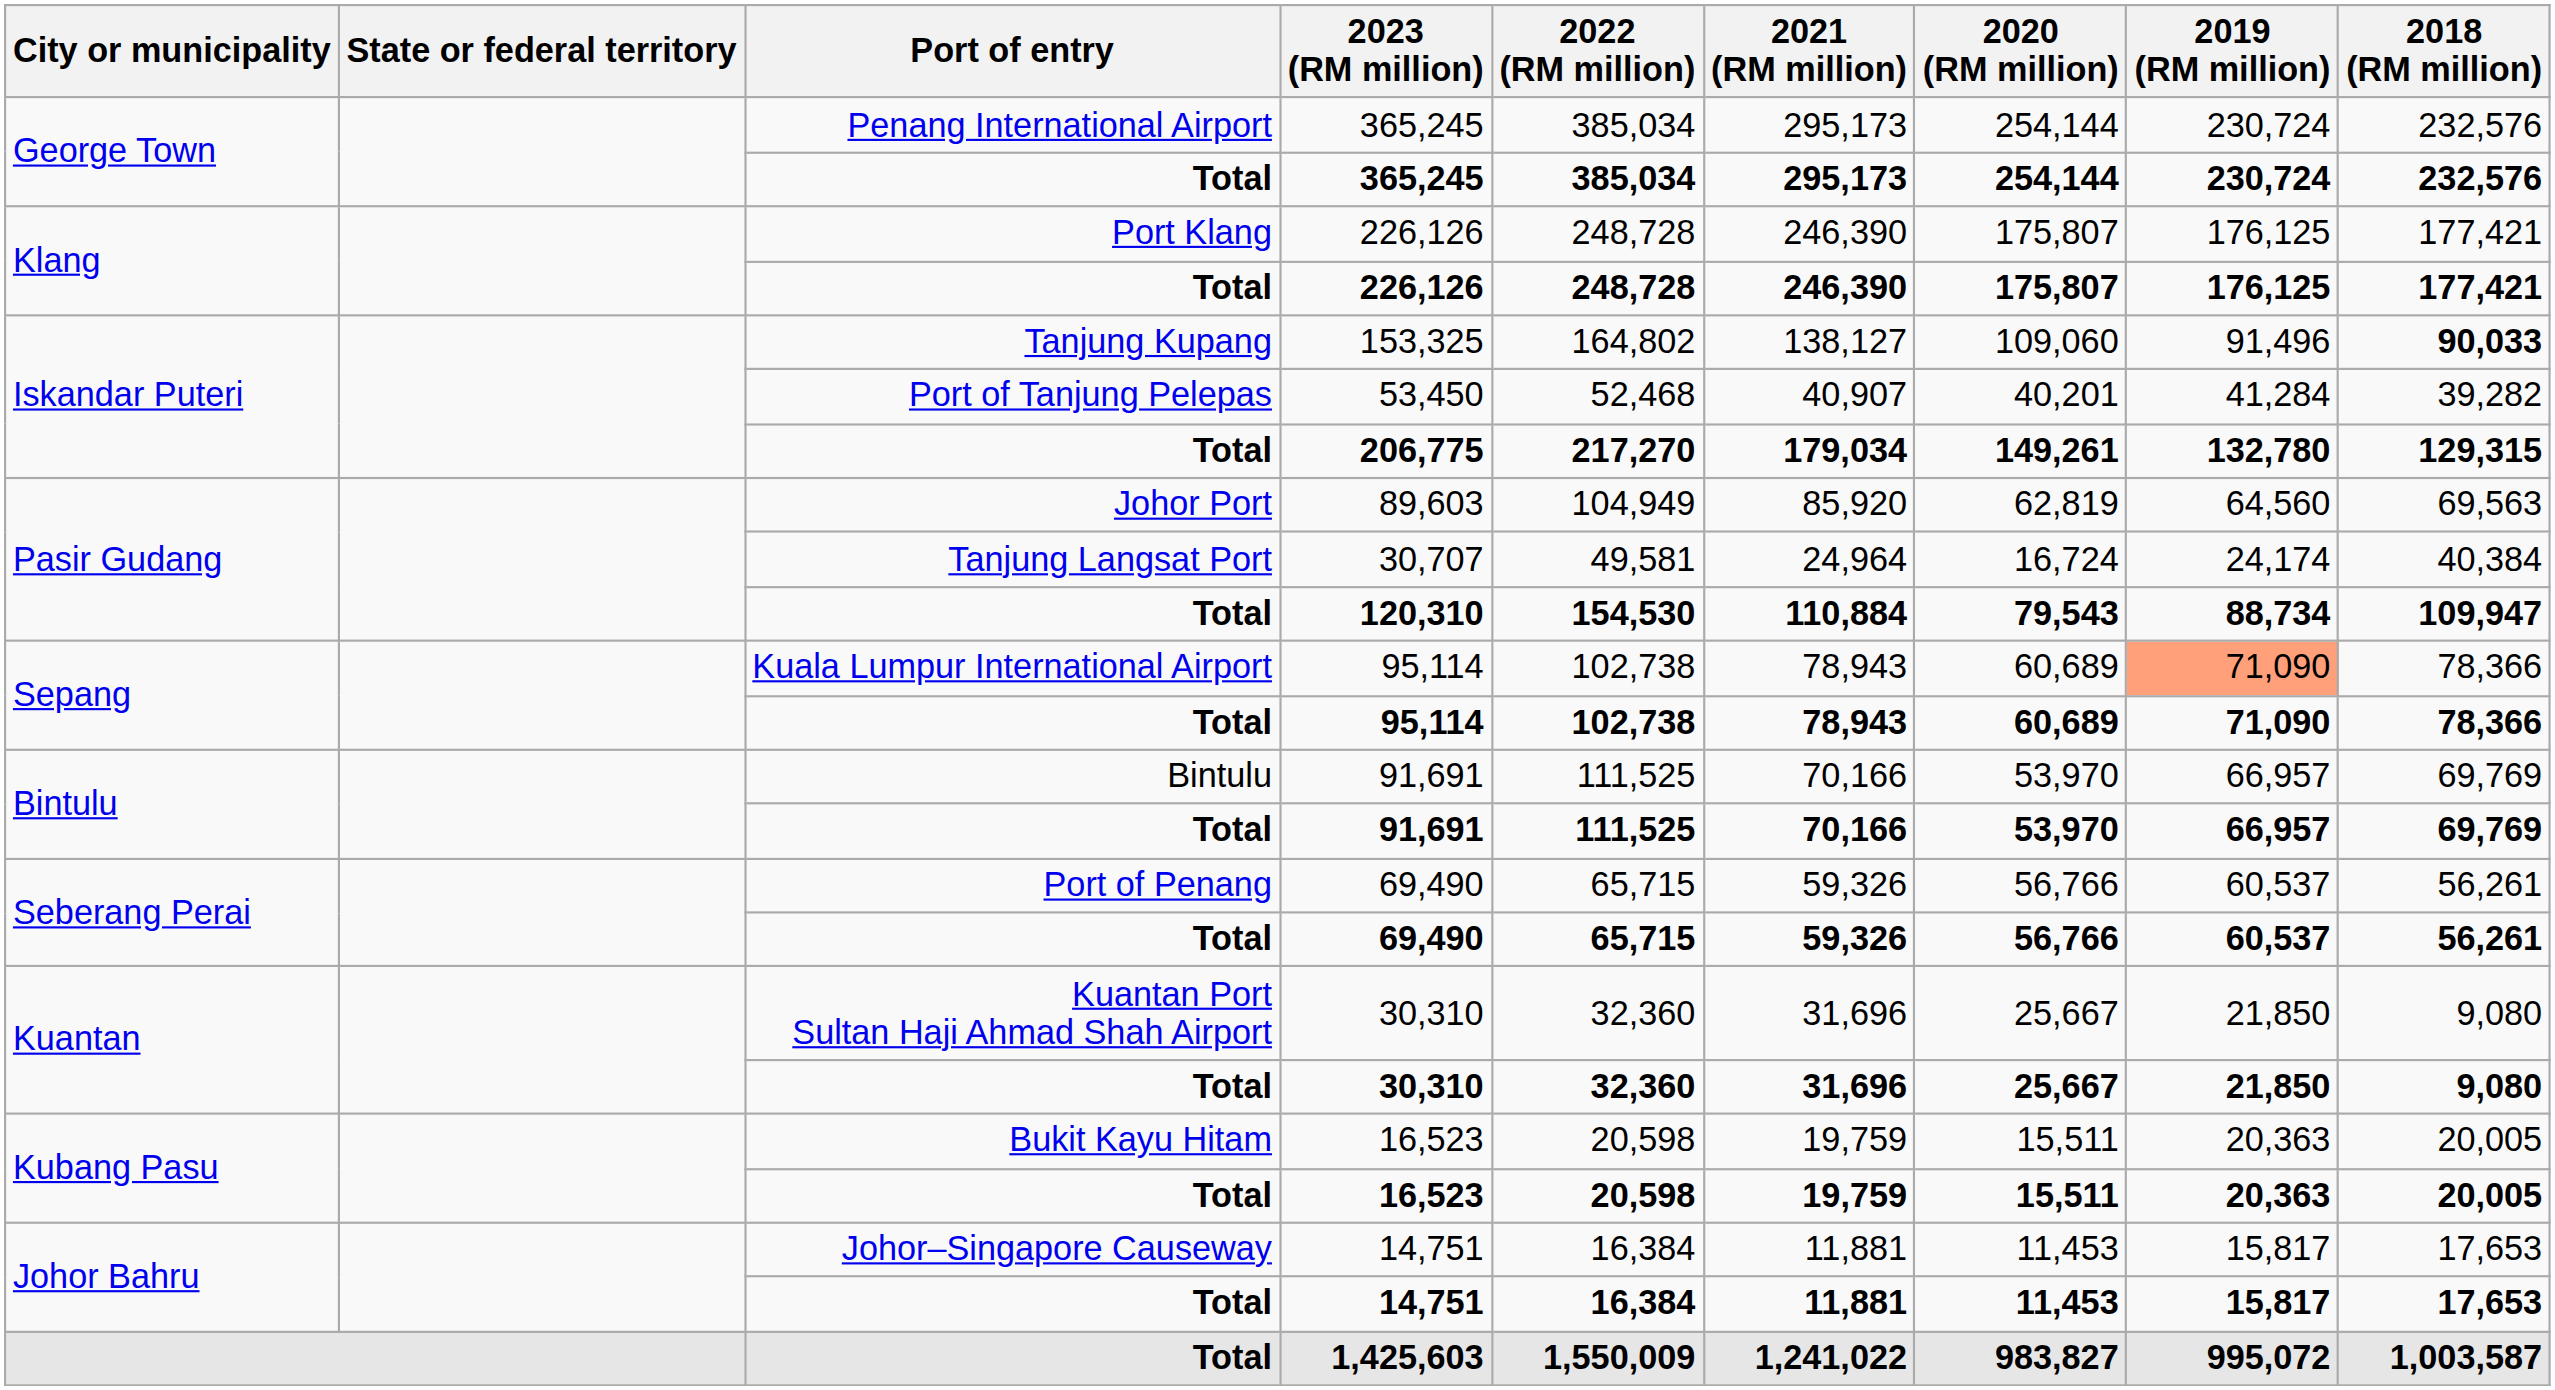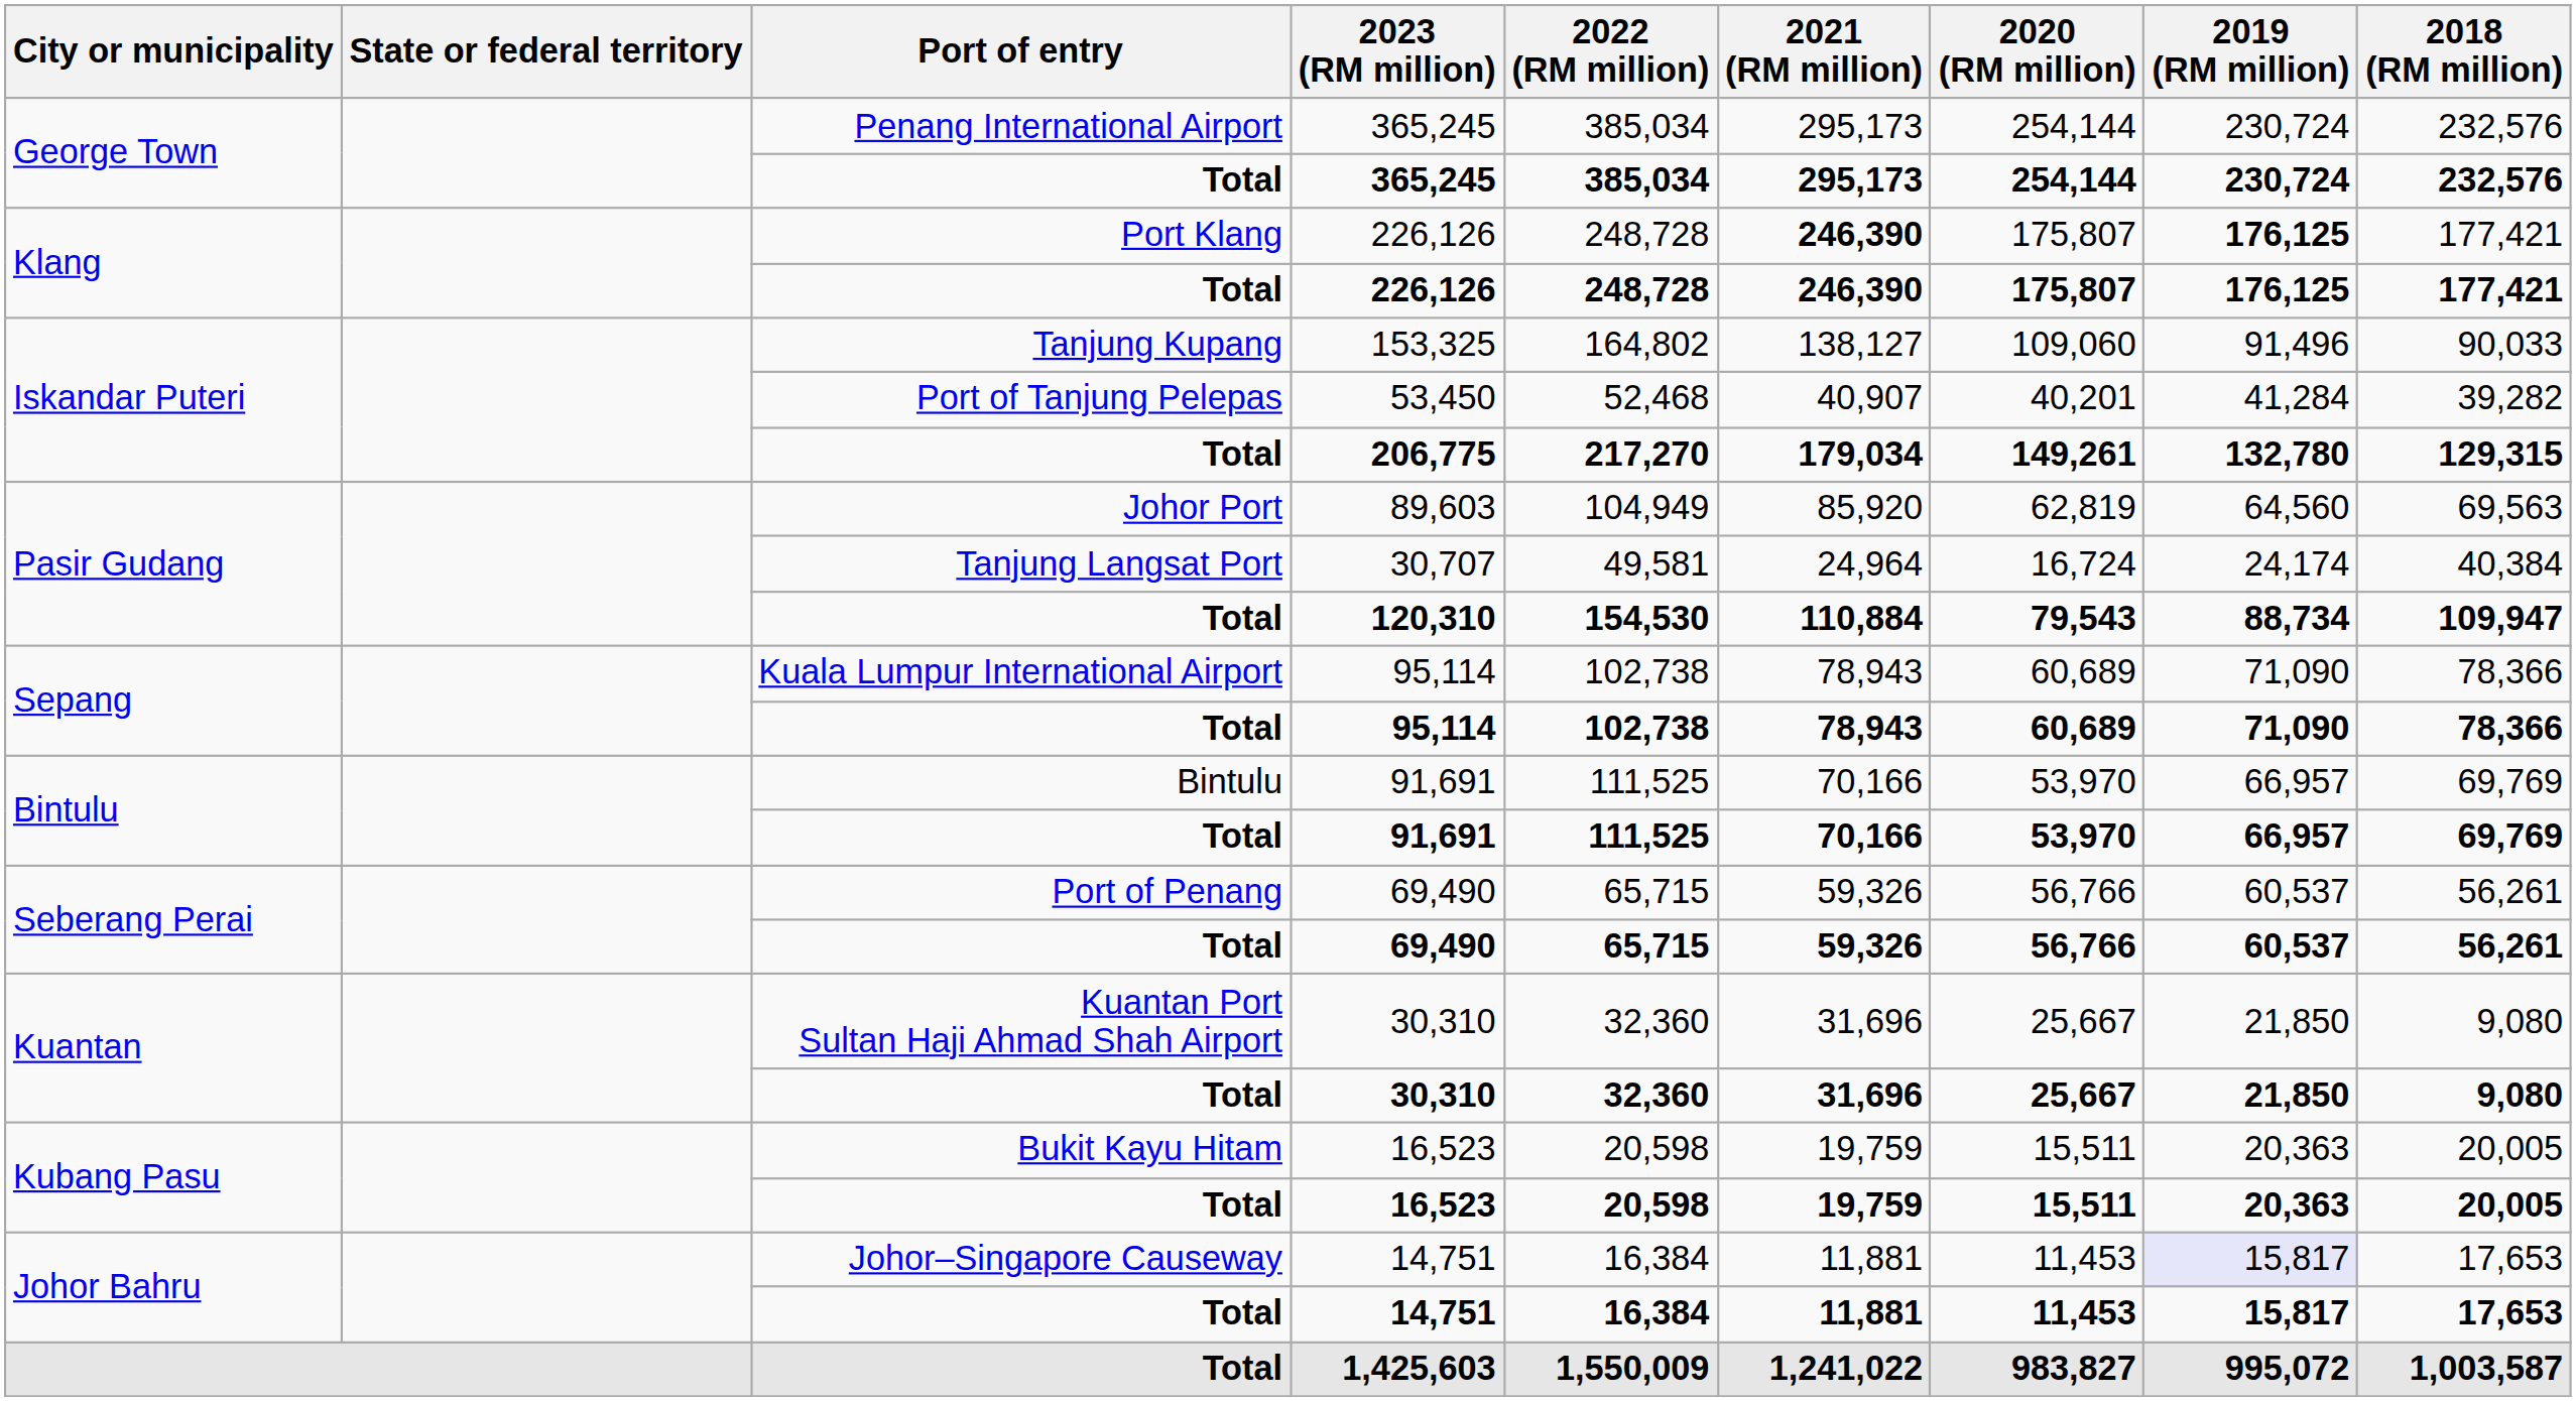 <table class="wikitable sortable" style="text-align:right">
 <tr>
 <th>City or municipality</th>
 <th>State or federal territory</th>
 <th>Port of entry</th>
 <th>2023<br>(RM million)</th>
 <th>2022<br>(RM million)</th>
 <th>2021<br>(RM million)</th>
 <th>2020<br>(RM million)</th>
 <th>2019<br>(RM million)</th>
 <th>2018<br>(RM million)</th>
 </tr>
 <tr>
 <td rowspan="2" align="left"><a href='#'>George Town</a></td>
 <td rowspan="2"></td>
 <td><a href='#'>Penang International Airport</a></td>
 <td>365,245</td>
 <td>385,034</td>
 <td>295,173</td>
 <td>254,144</td>
 <td>230,724</td>
 <td>232,576</td>
 </tr>
 <tr>
 <td><strong>Total</strong></td>
 <td><strong>365,245</strong></td>
 <td><strong>385,034</strong></td>
 <td><strong>295,173</strong></td>
 <td><strong>254,144</strong></td>
 <td><strong>230,724</strong></td>
 <td><strong>232,576</strong></td>
 </tr>
 <tr>
 <td rowspan="2" align="left"><a href='#'>Klang</a></td>
 <td rowspan="2"></td>
 <td><a href='#'>Port Klang</a></td>
 <td>226,126</td>
 <td>248,728</td>
-<td>246,390</td>
+<td><strong>246,390</strong></td>
 <td>175,807</td>
-<td>176,125</td>
+<td><strong>176,125</strong></td>
 <td>177,421</td>
 </tr>
 <tr>
 <td><strong>Total</strong></td>
 <td><strong>226,126</strong></td>
 <td><strong>248,728</strong></td>
 <td><strong>246,390</strong></td>
 <td><strong>175,807</strong></td>
 <td><strong>176,125</strong></td>
 <td><strong>177,421</strong></td>
 </tr>
 <tr>
 <td rowspan="3" align="left"><a href='#'>Iskandar Puteri</a></td>
 <td rowspan="3"></td>
 <td><a href='#'>Tanjung Kupang</a></td>
 <td>153,325</td>
 <td>164,802</td>
 <td>138,127</td>
 <td>109,060</td>
 <td>91,496</td>
-<td><strong>90,033</strong></td>
+<td>90,033</td>
 </tr>
 <tr>
 <td><a href='#'>Port of Tanjung Pelepas</a></td>
 <td>53,450</td>
 <td>52,468</td>
 <td>40,907</td>
 <td>40,201</td>
 <td>41,284</td>
 <td>39,282</td>
 </tr>
 <tr>
 <td><strong>Total</strong></td>
 <td><strong>206,775</strong></td>
 <td><strong>217,270</strong></td>
 <td><strong>179,034</strong></td>
 <td><strong>149,261</strong></td>
 <td><strong>132,780</strong></td>
 <td><strong>129,315</strong></td>
 </tr>
 <tr>
 <td rowspan="3" align="left"><a href='#'>Pasir Gudang</a></td>
 <td rowspan="3"></td>
 <td><a href='#'>Johor Port</a></td>
 <td>89,603</td>
 <td>104,949</td>
 <td>85,920</td>
 <td>62,819</td>
 <td>64,560</td>
 <td>69,563</td>
 </tr>
 <tr>
 <td><a href='#'>Tanjung Langsat Port</a></td>
 <td>30,707</td>
 <td>49,581</td>
 <td>24,964</td>
 <td>16,724</td>
 <td>24,174</td>
 <td>40,384</td>
 </tr>
 <tr>
 <td><strong>Total</strong></td>
 <td><strong>120,310</strong></td>
 <td><strong>154,530</strong></td>
 <td><strong>110,884</strong></td>
 <td><strong>79,543</strong></td>
 <td><strong>88,734</strong></td>
 <td><strong>109,947</strong></td>
 </tr>
 <tr>
 <td rowspan="2" align="left"><a href='#'>Sepang</a></td>
 <td rowspan="2"></td>
 <td><a href='#'>Kuala Lumpur International Airport</a></td>
 <td>95,114</td>
 <td>102,738</td>
 <td>78,943</td>
 <td>60,689</td>
-<td style="background: lightsalmon;">71,090</td>
+<td>71,090</td>
 <td>78,366</td>
 </tr>
 <tr>
 <td><strong>Total</strong></td>
 <td><strong>95,114</strong></td>
 <td><strong>102,738</strong></td>
 <td><strong>78,943</strong></td>
 <td><strong>60,689</strong></td>
 <td><strong>71,090</strong></td>
 <td><strong>78,366</strong></td>
 </tr>
 <tr>
 <td rowspan="2" align="left"><a href='#'>Bintulu</a></td>
 <td rowspan="2"></td>
 <td>Bintulu</td>
 <td>91,691</td>
 <td>111,525</td>
 <td>70,166</td>
 <td>53,970</td>
 <td>66,957</td>
 <td>69,769</td>
 </tr>
 <tr>
 <td><strong>Total</strong></td>
 <td><strong>91,691</strong></td>
 <td><strong>111,525</strong></td>
 <td><strong>70,166</strong></td>
 <td><strong>53,970</strong></td>
 <td><strong>66,957</strong></td>
 <td><strong>69,769</strong></td>
 </tr>
 <tr>
 <td rowspan="2" align="left"><a href='#'>Seberang Perai</a></td>
 <td rowspan="2"></td>
 <td><a href='#'>Port of Penang</a></td>
 <td>69,490</td>
 <td>65,715</td>
 <td>59,326</td>
 <td>56,766</td>
 <td>60,537</td>
 <td>56,261</td>
 </tr>
 <tr>
 <td><strong>Total</strong></td>
 <td><strong>69,490</strong></td>
 <td><strong>65,715</strong></td>
 <td><strong>59,326</strong></td>
 <td><strong>56,766</strong></td>
 <td><strong>60,537</strong></td>
 <td><strong>56,261</strong></td>
 </tr>
 <tr>
 <td rowspan="2" align="left"><a href='#'>Kuantan</a></td>
 <td rowspan="2"></td>
 <td><a href='#'>Kuantan Port</a><br><a href='#'>Sultan Haji Ahmad Shah Airport</a></td>
 <td>30,310</td>
 <td>32,360</td>
 <td>31,696</td>
 <td>25,667</td>
 <td>21,850</td>
 <td>9,080</td>
 </tr>
 <tr>
 <td><strong>Total</strong></td>
 <td><strong>30,310</strong></td>
 <td><strong>32,360</strong></td>
 <td><strong>31,696</strong></td>
 <td><strong>25,667</strong></td>
 <td><strong>21,850</strong></td>
 <td><strong>9,080</strong></td>
 </tr>
 <tr>
 <td rowspan="2" align="left"><a href='#'>Kubang Pasu</a></td>
 <td rowspan="2"></td>
 <td><a href='#'>Bukit Kayu Hitam</a></td>
 <td>16,523</td>
 <td>20,598</td>
 <td>19,759</td>
 <td>15,511</td>
 <td>20,363</td>
 <td>20,005</td>
 </tr>
 <tr>
 <td><strong>Total</strong></td>
 <td><strong>16,523</strong></td>
 <td><strong>20,598</strong></td>
 <td><strong>19,759</strong></td>
 <td><strong>15,511</strong></td>
 <td><strong>20,363</strong></td>
 <td><strong>20,005</strong></td>
 </tr>
 <tr>
 <td rowspan="2" align="left"><a href='#'>Johor Bahru</a></td>
 <td rowspan="2"></td>
 <td><a href='#'>Johor–Singapore Causeway</a></td>
 <td>14,751</td>
 <td>16,384</td>
 <td>11,881</td>
 <td>11,453</td>
-<td>15,817</td>
+<td style="background: lavender;">15,817</td>
 <td>17,653</td>
 </tr>
 <tr>
 <td><strong>Total</strong></td>
 <td><strong>14,751</strong></td>
 <td><strong>16,384</strong></td>
 <td><strong>11,881</strong></td>
 <td><strong>11,453</strong></td>
 <td><strong>15,817</strong></td>
 <td><strong>17,653</strong></td>
 </tr>
 <tr style="background:#e6e6e6">
 <td colspan="2" align="left"></td>
 <td><strong>Total</strong></td>
 <td><strong>1,425,603</strong></td>
 <td><strong>1,550,009</strong></td>
 <td><strong>1,241,022</strong></td>
 <td><strong>983,827</strong></td>
 <td><strong>995,072</strong></td>
 <td><strong>1,003,587</strong></td>
 </tr>
 </table>
